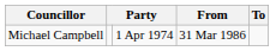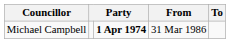 <table class=wikitable>
 <tr>
 <th>Councillor</th>
 <th colspan=2>Party</th>
 <th>From</th>
 <th>To</th>
 </tr>
 <tr>
 <td>Michael Campbell</td>
 <td></td>
-<td align=right>1 Apr 1974</td>
+<td align=right><strong>1 Apr 1974</strong></td>
 <td align=right>31 Mar 1986</td>
 </tr>
 </table>
